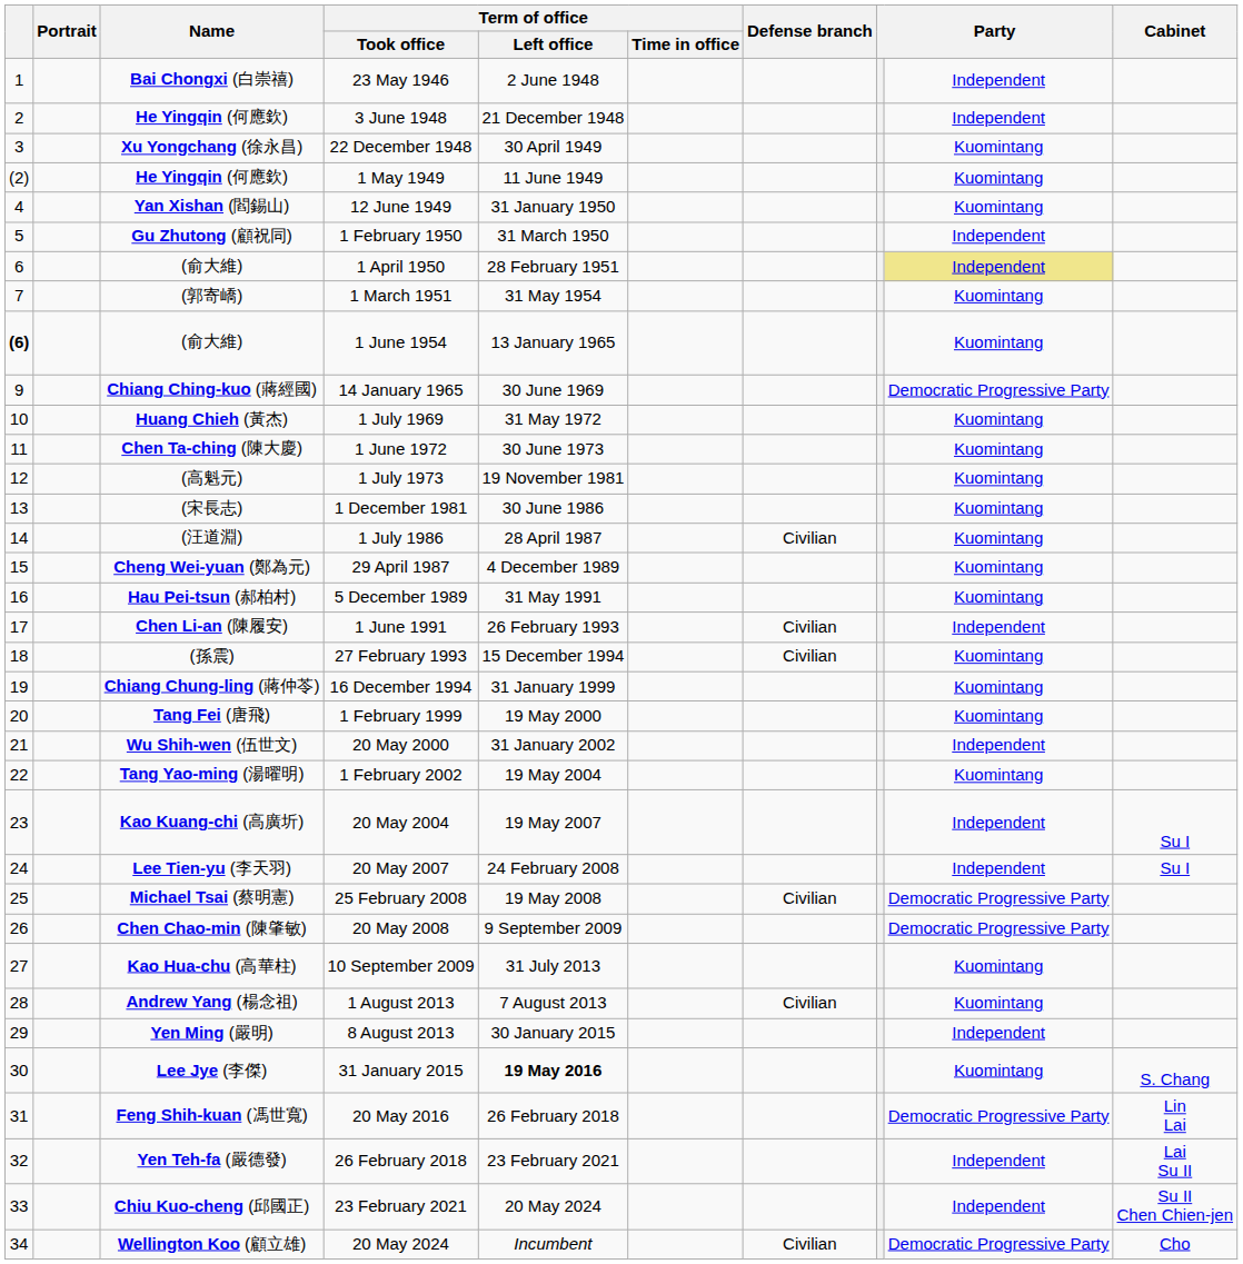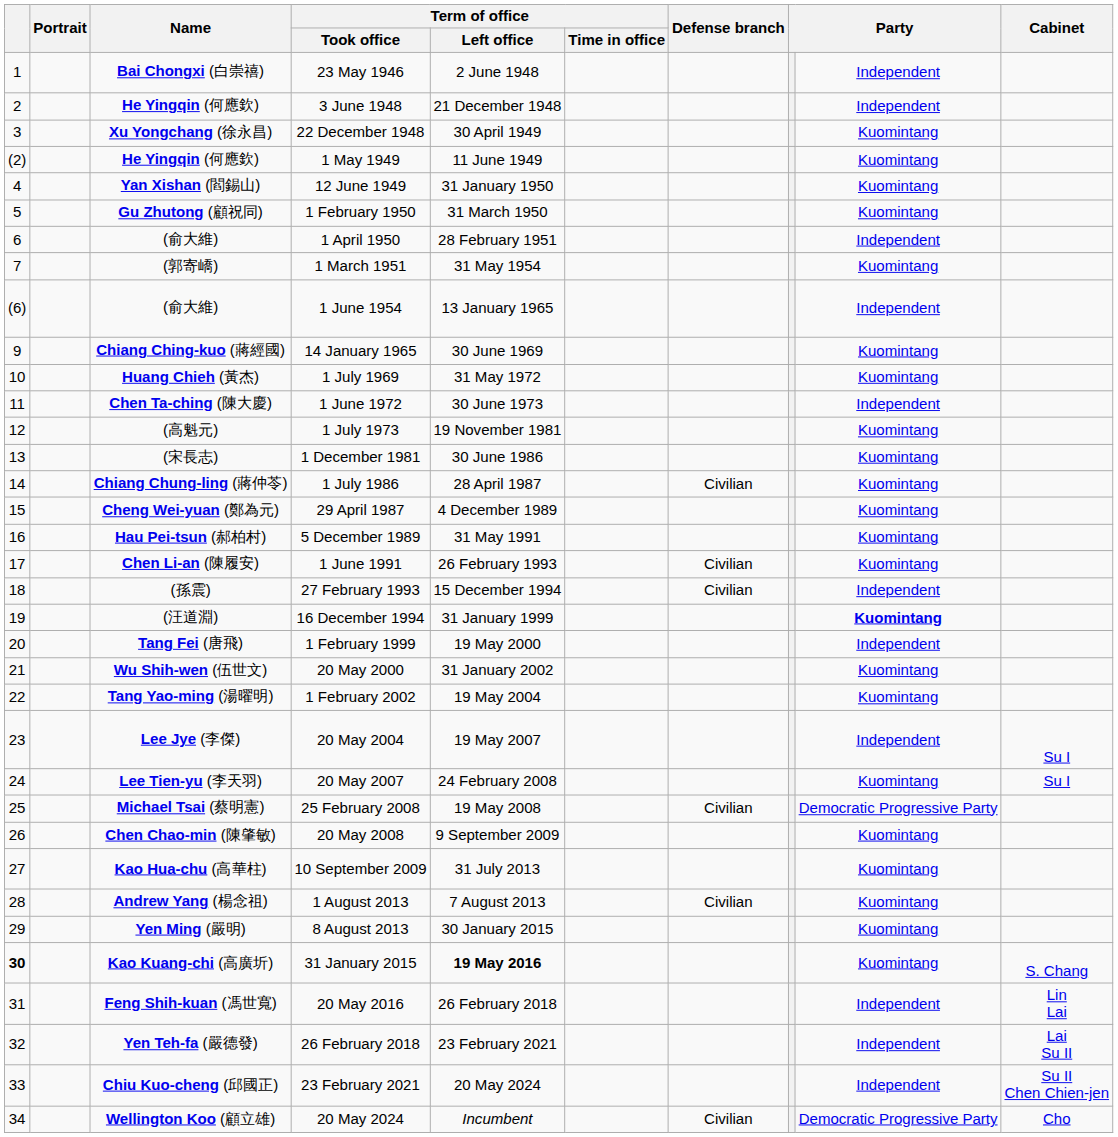 <table class="wikitable" style="text-align:center">
 <tr>
 <th rowspan=2></th>
 <th rowspan=2>Portrait</th>
 <th rowspan=2>Name<br></th>
 <th colspan=3>Term of office</th>
 <th rowspan=2>Defense branch<br></th>
 <th colspan=2 rowspan=2>Party</th>
 <th rowspan=2>Cabinet</th>
 </tr>
 <tr>
 <th>Took office</th>
 <th>Left office</th>
 <th>Time in office</th>
 </tr>
 <tr>
 <td>1</td>
 <td></td>
 <td><strong><a href='#'>Bai Chongxi</a></strong> (白崇禧)<br></td>
 <td>23 May 1946</td>
 <td>2 June 1948</td>
 <td></td>
 <td></td>
 <th style="background:"></th>
 <td><a href='#'>Independent</a></td>
 <td><br><br></td>
 </tr>
 <tr>
 <td>2</td>
 <td></td>
 <td><strong><a href='#'>He Yingqin</a></strong> (何應欽)<br></td>
 <td>3 June 1948</td>
 <td>21 December 1948</td>
 <td></td>
 <td></td>
 <th style="background:"></th>
 <td><a href='#'>Independent</a></td>
 <td><br></td>
 </tr>
 <tr>
 <td>3</td>
 <td></td>
 <td><strong><a href='#'>Xu Yongchang</a></strong> (徐永昌)<br></td>
 <td>22 December 1948</td>
 <td>30 April 1949</td>
 <td></td>
 <td></td>
 <th style="background:"></th>
 <td><a href='#'>Kuomintang</a></td>
 <td><br></td>
 </tr>
 <tr>
 <td>(2)</td>
 <td></td>
 <td><strong><a href='#'>He Yingqin</a></strong> (何應欽)<br></td>
 <td>1 May 1949</td>
 <td>11 June 1949</td>
 <td></td>
 <td></td>
 <th style="background:"></th>
 <td><a href='#'>Kuomintang</a></td>
 <td><br></td>
 </tr>
 <tr>
 <td>4</td>
 <td></td>
 <td><strong><a href='#'>Yan Xishan</a></strong> (閻錫山)<br></td>
 <td>12 June 1949</td>
 <td>31 January 1950</td>
 <td></td>
 <td></td>
 <th style="background:"></th>
 <td><a href='#'>Kuomintang</a></td>
 <td></td>
 </tr>
 <tr>
 <td>5</td>
 <td></td>
 <td><strong><a href='#'>Gu Zhutong</a></strong> (顧祝同)<br></td>
 <td>1 February 1950</td>
 <td>31 March 1950</td>
 <td></td>
 <td></td>
 <th style="background:"></th>
-<td><a href='#'>Independent</a></td>
+<td><a href='#'>Kuomintang</a></td>
 <td><br></td>
 </tr>
 <tr>
 <td>6</td>
 <td></td>
 <td><strong></strong> (俞大維) <br></td>
 <td>1 April 1950</td>
 <td>28 February 1951</td>
 <td></td>
 <td></td>
 <th style="background:"></th>
-<td style="background: khaki;"><a href='#'>Independent</a></td>
+<td><a href='#'>Independent</a></td>
 <td></td>
 </tr>
 <tr>
 <td>7</td>
 <td></td>
 <td><strong></strong> (郭寄嶠)<br></td>
 <td>1 March 1951</td>
 <td>31 May 1954</td>
 <td></td>
 <td></td>
 <th style="background:"></th>
 <td><a href='#'>Kuomintang</a></td>
 <td></td>
 </tr>
 <tr>
-<td><strong>(6)</strong></td>
+<td>(6)</td>
 <td></td>
 <td><strong></strong> (俞大維) <br></td>
 <td>1 June 1954</td>
 <td>13 January 1965</td>
 <td></td>
 <td></td>
 <th style="background:"></th>
-<td><a href='#'>Kuomintang</a></td>
+<td><a href='#'>Independent</a></td>
 <td><br><br><br></td>
 </tr>
 <tr>
 <td>9</td>
 <td></td>
 <td><strong><a href='#'>Chiang Ching-kuo</a></strong> (蔣經國)<br></td>
 <td>14 January 1965</td>
 <td>30 June 1969</td>
 <td></td>
 <td></td>
 <th style="background:"></th>
-<td><a href='#'>Democratic Progressive Party</a></td>
+<td><a href='#'>Kuomintang</a></td>
 <td></td>
 </tr>
 <tr>
 <td>10</td>
 <td></td>
 <td><strong><a href='#'>Huang Chieh</a></strong> (黃杰)<br></td>
 <td>1 July 1969</td>
 <td>31 May 1972</td>
 <td></td>
 <td></td>
 <th style="background:"></th>
 <td><a href='#'>Kuomintang</a></td>
 <td><br></td>
 </tr>
 <tr>
 <td>11</td>
 <td></td>
 <td><strong><a href='#'>Chen Ta-ching</a></strong> (陳大慶)<br></td>
 <td>1 June 1972</td>
 <td>30 June 1973</td>
 <td></td>
 <td></td>
 <th style="background:"></th>
-<td><a href='#'>Kuomintang</a></td>
+<td><a href='#'>Independent</a></td>
 <td></td>
 </tr>
 <tr>
 <td>12</td>
 <td></td>
 <td><strong></strong> (高魁元)<br></td>
 <td>1 July 1973</td>
 <td>19 November 1981</td>
 <td></td>
 <td></td>
 <th style="background:"></th>
 <td><a href='#'>Kuomintang</a></td>
 <td><br></td>
 </tr>
 <tr>
 <td>13</td>
 <td></td>
 <td><strong></strong> (宋長志)<br></td>
 <td>1 December 1981</td>
 <td>30 June 1986</td>
 <td></td>
 <td></td>
 <th style="background:"></th>
 <td><a href='#'>Kuomintang</a></td>
 <td><br></td>
 </tr>
 <tr>
 <td>14</td>
 <td></td>
-<td><strong></strong> (汪道淵)<br></td>
+<td><strong><a href='#'>Chiang Chung-ling</a></strong> (蔣仲苓)<br></td>
 <td>1 July 1986</td>
 <td>28 April 1987</td>
 <td></td>
 <td>Civilian</td>
 <th style="background:"></th>
 <td><a href='#'>Kuomintang</a></td>
 <td></td>
 </tr>
 <tr>
 <td>15</td>
 <td></td>
 <td><strong><a href='#'>Cheng Wei-yuan</a></strong> (鄭為元)<br></td>
 <td>29 April 1987</td>
 <td>4 December 1989</td>
 <td></td>
 <td></td>
 <th style="background:"></th>
 <td><a href='#'>Kuomintang</a></td>
 <td><br></td>
 </tr>
 <tr>
 <td>16</td>
 <td></td>
 <td><strong><a href='#'>Hau Pei-tsun</a></strong> (郝柏村)<br></td>
 <td>5 December 1989</td>
 <td>31 May 1991</td>
 <td></td>
 <td></td>
 <th style="background:"></th>
 <td><a href='#'>Kuomintang</a></td>
 <td></td>
 </tr>
 <tr>
 <td>17</td>
 <td></td>
 <td><strong><a href='#'>Chen Li-an</a></strong> (陳履安)<br></td>
 <td>1 June 1991</td>
 <td>26 February 1993</td>
 <td></td>
 <td>Civilian</td>
 <th style="background:"></th>
-<td><a href='#'>Independent</a></td>
+<td><a href='#'>Kuomintang</a></td>
 <td></td>
 </tr>
 <tr>
 <td>18</td>
 <td></td>
 <td><strong></strong> (孫震)<br></td>
 <td>27 February 1993</td>
 <td>15 December 1994</td>
 <td></td>
 <td>Civilian</td>
 <th style="background:"></th>
-<td><a href='#'>Kuomintang</a></td>
+<td><a href='#'>Independent</a></td>
 <td></td>
 </tr>
 <tr>
 <td>19</td>
 <td></td>
-<td><strong><a href='#'>Chiang Chung-ling</a></strong> (蔣仲苓)<br></td>
+<td><strong></strong> (汪道淵)<br></td>
 <td>16 December 1994</td>
 <td>31 January 1999</td>
 <td></td>
 <td></td>
 <th style="background:"></th>
-<td><a href='#'>Kuomintang</a></td>
+<td><strong><a href='#'>Kuomintang</a></strong></td>
 <td><br></td>
 </tr>
 <tr>
 <td>20</td>
 <td></td>
 <td><strong><a href='#'>Tang Fei</a></strong> (唐飛)<br></td>
 <td>1 February 1999</td>
 <td>19 May 2000</td>
 <td></td>
 <td></td>
 <th style="background:"></th>
-<td><a href='#'>Kuomintang</a></td>
+<td><a href='#'>Independent</a></td>
 <td></td>
 </tr>
 <tr>
 <td>21</td>
 <td></td>
 <td><strong><a href='#'>Wu Shih-wen</a></strong> (伍世文)<br></td>
 <td>20 May 2000</td>
 <td>31 January 2002</td>
 <td></td>
 <td></td>
 <th style="background:"></th>
-<td><a href='#'>Independent</a></td>
+<td><a href='#'>Kuomintang</a></td>
 <td><br></td>
 </tr>
 <tr>
 <td>22</td>
 <td></td>
 <td><strong><a href='#'>Tang Yao-ming</a></strong> (湯曜明)<br></td>
 <td>1 February 2002</td>
 <td>19 May 2004</td>
 <td></td>
 <td></td>
 <th style="background:"></th>
 <td><a href='#'>Kuomintang</a></td>
 <td></td>
 </tr>
 <tr>
 <td>23</td>
 <td></td>
-<td><strong><a href='#'>Kao Kuang-chi</a></strong> (高廣圻)<br></td>
+<td><strong><a href='#'>Lee Jye</a></strong> (李傑)<br></td>
 <td>20 May 2004</td>
 <td>19 May 2007</td>
 <td></td>
 <td></td>
 <th style="background:"></th>
 <td><a href='#'>Independent</a></td>
 <td><br><br><a href='#'>Su I</a></td>
 </tr>
 <tr>
 <td>24</td>
 <td></td>
 <td><strong><a href='#'>Lee Tien-yu</a></strong> (李天羽)<br></td>
 <td>20 May 2007</td>
 <td>24 February 2008</td>
 <td></td>
 <td></td>
 <th style="background:"></th>
-<td><a href='#'>Independent</a></td>
+<td><a href='#'>Kuomintang</a></td>
 <td><a href='#'>Su I</a><br></td>
 </tr>
 <tr>
 <td>25</td>
 <td></td>
 <td><strong><a href='#'>Michael Tsai</a></strong> (蔡明憲)<br></td>
 <td>25 February 2008</td>
 <td>19 May 2008</td>
 <td></td>
 <td>Civilian</td>
 <th style="background:"></th>
 <td><a href='#'>Democratic Progressive Party</a></td>
 <td></td>
 </tr>
 <tr>
 <td>26</td>
 <td></td>
 <td><strong><a href='#'>Chen Chao-min</a></strong> (陳肇敏)<br></td>
 <td>20 May 2008</td>
 <td>9 September 2009</td>
 <td></td>
 <td></td>
 <th style="background:"></th>
-<td><a href='#'>Democratic Progressive Party</a></td>
+<td><a href='#'>Kuomintang</a></td>
 <td></td>
 </tr>
 <tr>
 <td>27</td>
 <td></td>
 <td><strong><a href='#'>Kao Hua-chu</a></strong> (高華柱)<br></td>
 <td>10 September 2009</td>
 <td>31 July 2013</td>
 <td></td>
 <td></td>
 <th style="background:"></th>
 <td><a href='#'>Kuomintang</a></td>
 <td><br><br></td>
 </tr>
 <tr>
 <td>28</td>
 <td></td>
 <td><strong><a href='#'>Andrew Yang</a></strong> (楊念祖)<br></td>
 <td>1 August 2013</td>
 <td>7 August 2013</td>
 <td></td>
 <td>Civilian</td>
 <th style="background:"></th>
 <td><a href='#'>Kuomintang</a></td>
 <td></td>
 </tr>
 <tr>
 <td>29</td>
 <td></td>
 <td><strong><a href='#'>Yen Ming</a></strong> (嚴明)<br></td>
 <td>8 August 2013</td>
 <td>30 January 2015</td>
 <td></td>
 <td></td>
 <th style="background:"></th>
-<td><a href='#'>Independent</a></td>
+<td><a href='#'>Kuomintang</a></td>
 <td><br></td>
 </tr>
 <tr>
-<td>30</td>
+<td><strong>30</strong></td>
 <td></td>
-<td><strong><a href='#'>Lee Jye</a></strong> (李傑)<br></td>
+<td><strong><a href='#'>Kao Kuang-chi</a></strong> (高廣圻)<br></td>
 <td>31 January 2015</td>
 <td><strong>19 May 2016</strong></td>
 <td></td>
 <td></td>
 <th style="background:"></th>
 <td><a href='#'>Kuomintang</a></td>
 <td><br><a href='#'>S. Chang</a></td>
 </tr>
 <tr>
 <td>31</td>
 <td></td>
 <td><strong><a href='#'>Feng Shih-kuan</a></strong> (馮世寬)<br></td>
 <td>20 May 2016</td>
 <td>26 February 2018</td>
 <td></td>
 <td></td>
 <th style="background:"></th>
-<td><a href='#'>Democratic Progressive Party</a></td>
+<td><a href='#'>Independent</a></td>
 <td><a href='#'>Lin</a><br><a href='#'>Lai</a></td>
 </tr>
 <tr>
 <td>32</td>
 <td></td>
 <td><strong><a href='#'>Yen Teh-fa</a></strong> (嚴德發)<br></td>
 <td>26 February 2018</td>
 <td>23 February 2021</td>
 <td></td>
 <td></td>
 <th style="background:"></th>
 <td><a href='#'>Independent</a></td>
 <td><a href='#'>Lai</a><br><a href='#'>Su II</a></td>
 </tr>
 <tr>
 <td>33</td>
 <td></td>
 <td><strong><a href='#'>Chiu Kuo-cheng</a></strong> (邱國正)<br></td>
 <td>23 February 2021</td>
 <td>20 May 2024</td>
 <td></td>
 <td></td>
 <th style="background:"></th>
 <td><a href='#'>Independent</a></td>
 <td><a href='#'>Su II</a><br><a href='#'>Chen Chien-jen</a></td>
 </tr>
 <tr>
 <td>34</td>
 <td></td>
 <td><strong><a href='#'>Wellington Koo</a></strong> (顧立雄)<br></td>
 <td>20 May 2024</td>
 <td><em>Incumbent</em></td>
 <td></td>
 <td>Civilian</td>
 <th style="background:"></th>
 <td><a href='#'>Democratic Progressive Party</a></td>
 <td><a href='#'>Cho</a></td>
 </tr>
 </table>
